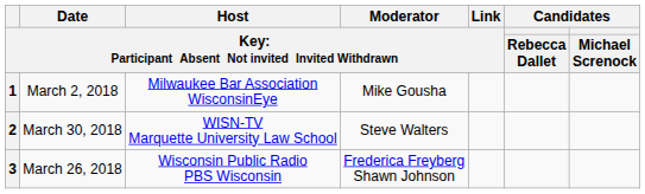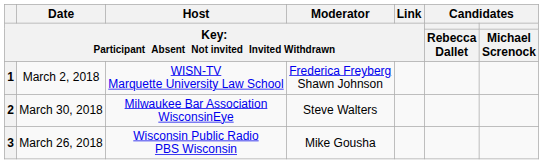 <table class="wikitable" style="text-align:center;">
 <tr>
 <th scope="col"></th>
 <th scope="col">Date</th>
 <th scope="col">Host</th>
 <th scope="col">Moderator</th>
 <th scope="col">Link</th>
 <th scope="col" colspan="2">Candidates</th>
 </tr>
 <tr>
 <th colspan="5" rowspan="2">Key:<br> <small>Participant </small>  <small>Absent </small>  <small>Not invited </small>  <small>Invited  Withdrawn</small></th>
 <th scope="col" style="background:"></th>
 <th scope="col" style="background:"></th>
 </tr>
 <tr>
 <th scope="col">Rebecca Dallet</th>
 <th scope="col">Michael Screnock</th>
 </tr>
 <tr>
 <th>1</th>
 <td style="white-space:nowrap;">March 2, 2018</td>
-<td style="white-space:nowrap;"><a href='#'>Milwaukee Bar Association</a><br><a href='#'>WisconsinEye</a></td>
-<td style="white-space:nowrap;">Mike Gousha</td>
+<td style="white-space:nowrap;"><a href='#'>WISN-TV</a><br><a href='#'>Marquette University Law School</a></td>
+<td style="white-space:nowrap;"><a href='#'>Frederica Freyberg</a><br>Shawn Johnson</td>
 <td style="white-space:nowrap;"></td>
 <td></td>
 <td></td>
 </tr>
 <tr>
 <th>2</th>
 <td style="white-space:nowrap;">March 30, 2018</td>
-<td style="white-space:nowrap;"><a href='#'>WISN-TV</a><br><a href='#'>Marquette University Law School</a></td>
+<td style="white-space:nowrap;"><a href='#'>Milwaukee Bar Association</a><br><a href='#'>WisconsinEye</a></td>
 <td style="white-space:nowrap;">Steve Walters</td>
 <td style="white-space:nowrap;"></td>
 <td></td>
 <td></td>
 </tr>
 <tr>
 <th>3</th>
 <td style="white-space:nowrap;">March 26, 2018</td>
 <td style="white-space:nowrap;"><a href='#'>Wisconsin Public Radio</a><br><a href='#'>PBS Wisconsin</a></td>
-<td style="white-space:nowrap;"><a href='#'>Frederica Freyberg</a><br>Shawn Johnson</td>
+<td style="white-space:nowrap;">Mike Gousha</td>
 <td style="white-space:nowrap;"></td>
 <td></td>
 <td></td>
 </tr>
 </table>
